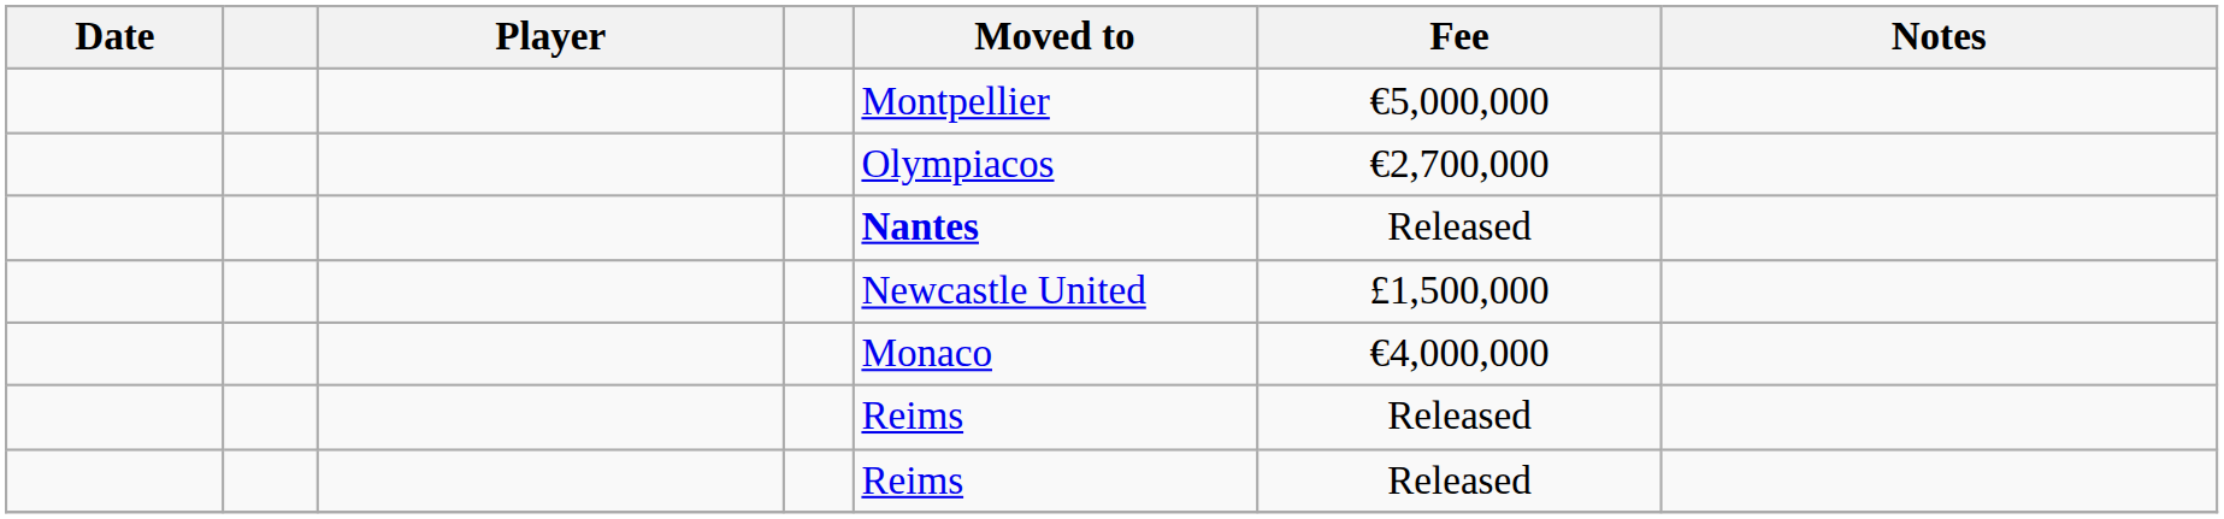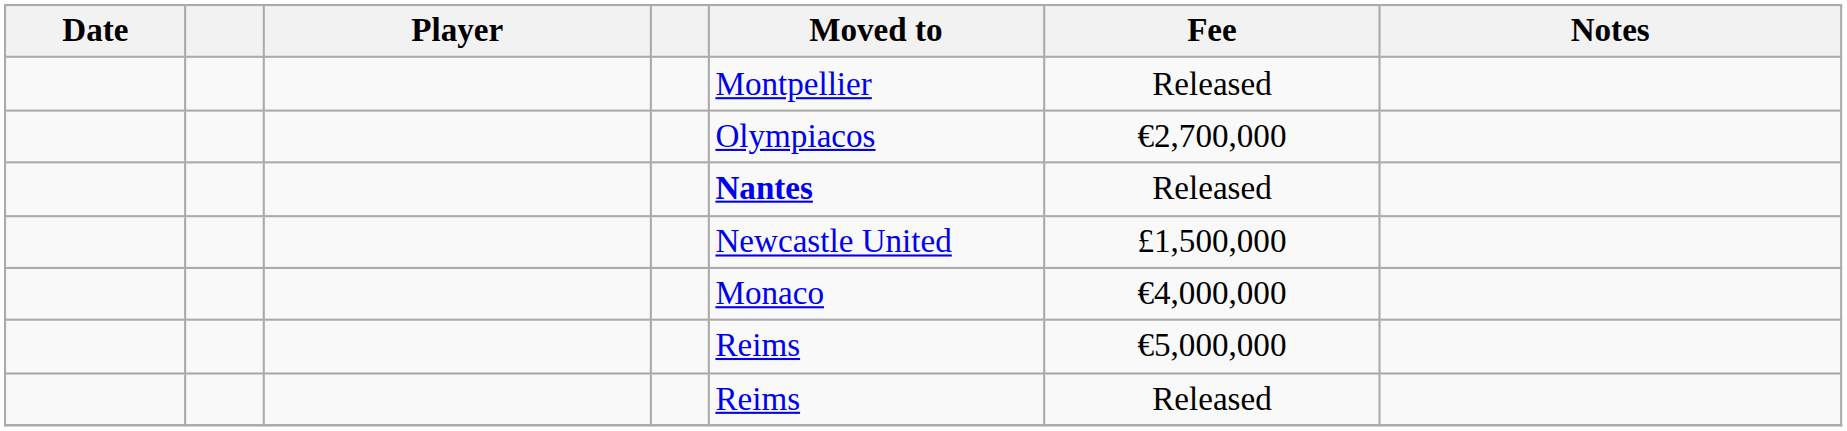 <table class="wikitable sortable">
 <tr>
 <th style="width:80px;">Date</th>
 <th style="width:30px;"></th>
 <th style="width:180px;">Player</th>
 <th style="width:20px;"></th>
 <th style="width:155px;">Moved to</th>
 <th style="width:155px;" class="unsortable">Fee</th>
 <th style="width:215px;" class="unsortable">Notes</th>
 </tr>
 <tr>
 <td></td>
 <td align=center></td>
 <td> </td>
 <td></td>
 <td> <a href='#'>Montpellier</a></td>
-<td align=center>€5,000,000</td>
+<td align=center>Released</td>
 <td align=center></td>
 </tr>
 <tr>
 <td></td>
 <td align=center></td>
 <td> </td>
 <td></td>
 <td> <a href='#'>Olympiacos</a></td>
 <td align=center>€2,700,000</td>
 <td align=center></td>
 </tr>
 <tr>
 <td></td>
 <td align=center></td>
 <td> </td>
 <td></td>
 <td><strong> <a href='#'>Nantes</a></strong></td>
 <td align=center>Released</td>
 <td align=center></td>
 </tr>
 <tr>
 <td></td>
 <td align=center></td>
 <td> </td>
 <td></td>
 <td> <a href='#'>Newcastle United</a></td>
 <td align=center>£1,500,000</td>
 <td align=center></td>
 </tr>
 <tr>
 <td></td>
 <td align=center></td>
 <td> </td>
 <td></td>
 <td> <a href='#'>Monaco</a></td>
 <td align=center>€4,000,000</td>
 <td align=center></td>
 </tr>
 <tr>
 <td></td>
 <td align=center></td>
 <td> </td>
 <td></td>
 <td> <a href='#'>Reims</a></td>
-<td align=center>Released</td>
+<td align=center>€5,000,000</td>
 <td align=center></td>
 </tr>
 <tr>
 <td></td>
 <td align=center></td>
 <td> </td>
 <td></td>
 <td> <a href='#'>Reims</a></td>
 <td align=center>Released</td>
 <td align=center></td>
 </tr>
 <tr>
 </tr>
 </table>
